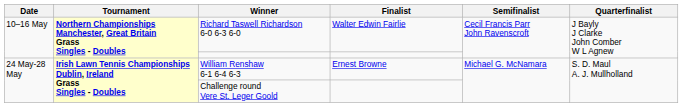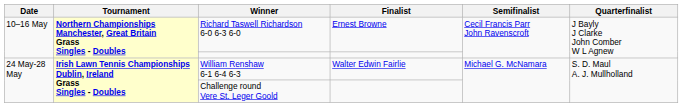 <table class="wikitable" style="font-size:85%;">
 <tr>
 <th width="75">Date</th>
 <th width="230">Tournament</th>
 <th width="210">Winner</th>
 <th width="210">Finalist</th>
 <th width="170">Semifinalist</th>
 <th width="170">Quarterfinalist</th>
 </tr>
 <tr valign=top>
 <td rowspan=2>10–16 May</td>
 <td style="background:#ffc;" rowspan=2><strong><a href='#'>Northern Championships</a><br> <a href='#'>Manchester</a>, <a href='#'>Great Britain</a><br>Grass<br><a href='#'>Singles</a> - <a href='#'>Doubles</a></strong></td>
 <td> <a href='#'>Richard Taswell Richardson</a><br>6-0 6-3 6-0</td>
-<td> <a href='#'>Walter Edwin Fairlie</a></td>
+<td> <a href='#'>Ernest Browne</a></td>
 <td rowspan=2> <a href='#'>Cecil Francis Parr</a> <br> <a href='#'>John Ravenscroft</a></td>
 <td rowspan=2> J Bayly <br>  J Clarke <br>  John Comber <br>  W L Agnew</td>
 </tr>
 <tr valign=top>
 <td></td>
 <td></td>
 </tr>
 <tr valign=top>
 <td rowspan=2>24 May-28 May</td>
 <td style="background:#ffc;" rowspan=2><strong><a href='#'>Irish Lawn Tennis Championships</a><br> <a href='#'>Dublin</a>, <a href='#'>Ireland</a><br>Grass<br><a href='#'>Singles</a> - <a href='#'>Doubles</a></strong></td>
 <td> <a href='#'>William Renshaw</a><br>6-1 6-4 6-3</td>
-<td> <a href='#'>Ernest Browne</a></td>
+<td> <a href='#'>Walter Edwin Fairlie</a></td>
 <td rowspan=2> <a href='#'>Michael G. McNamara</a></td>
 <td rowspan=2> S. D. Maul<br> A. J. Mullholland</td>
 </tr>
 <tr valign=top>
 <td>Challenge round<br> <a href='#'>Vere St. Leger Goold</a> <br></td>
 <td></td>
 </tr>
 </table>
